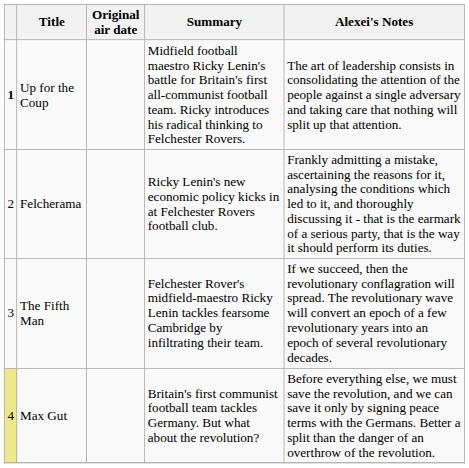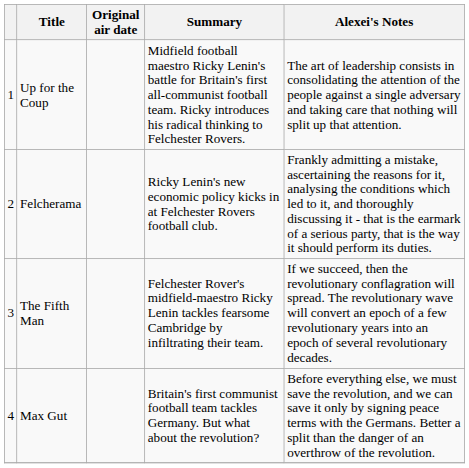 <table class="wikitable sortable" style="width:90%;">
 <tr>
 <th></th>
 <th>Title</th>
 <th>Original air date</th>
 <th>Summary</th>
 <th>Alexei's Notes</th>
 </tr>
 <tr>
-<td><strong>1</strong></td>
+<td>1</td>
 <td>Up for the Coup</td>
 <td></td>
 <td>Midfield football maestro Ricky Lenin's battle for Britain's first all-communist football team. Ricky introduces his radical thinking to Felchester Rovers.</td>
 <td>The art of leadership consists in consolidating the attention of the people against a single adversary and taking care that nothing will split up that attention.</td>
 </tr>
 <tr>
 <td>2</td>
 <td>Felcherama</td>
 <td></td>
 <td>Ricky Lenin's new economic policy kicks in at Felchester Rovers football club.</td>
 <td>Frankly admitting a mistake, ascertaining the reasons for it, analysing the conditions which led to it, and thoroughly discussing it - that is the earmark of a serious party, that is the way it should perform its duties.</td>
 </tr>
 <tr>
 <td>3</td>
 <td>The Fifth Man</td>
 <td></td>
 <td>Felchester Rover's midfield-maestro Ricky Lenin tackles fearsome Cambridge by infiltrating their team.</td>
 <td>If we succeed, then the revolutionary conflagration will spread.  The revolutionary wave will convert an epoch of a few revolutionary years into an epoch of several revolutionary decades.</td>
 </tr>
 <tr>
-<td style="background: khaki;">4</td>
+<td>4</td>
 <td>Max Gut</td>
 <td></td>
 <td>Britain's first communist football team tackles Germany. But what about the revolution?</td>
 <td>Before everything else, we must save the revolution, and we can save it only by signing peace terms with the Germans.  Better a split than the danger of an overthrow of the revolution.</td>
 </tr>
 <tr>
 </tr>
 </table>
